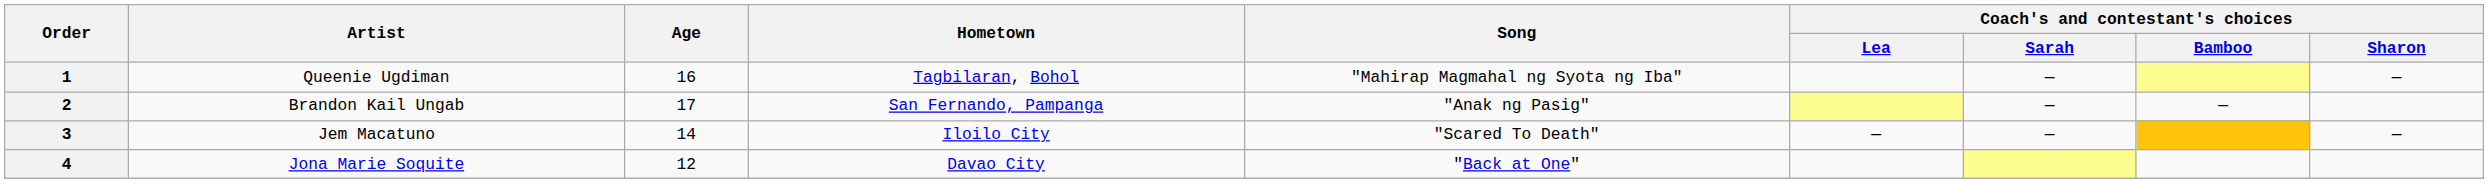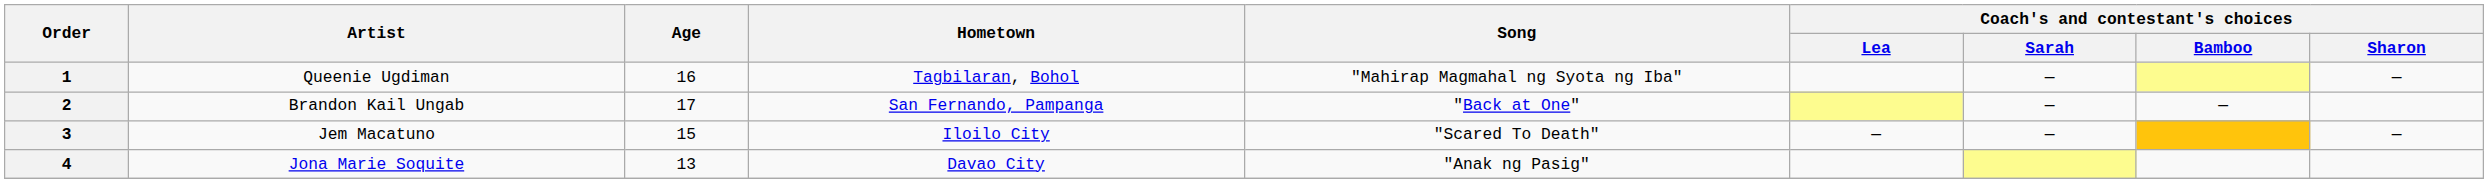 <table class="wikitable" style="text-align:center; line-height:17px;width:100%;">
 <tr>
 <th scope="col" rowspan="2" width="05%">Order</th>
 <th scope="col" rowspan="2" width="20%">Artist</th>
 <th scope="col" rowspan="2" width="05%">Age</th>
 <th scope="col" rowspan="2" width="20%">Hometown</th>
 <th scope="col" rowspan="2" width="22%">Song</th>
 <th scope="col" colspan="4" width="28%">Coach's and contestant's choices</th>
 </tr>
 <tr>
 <th width="07%"><a href='#'>Lea</a></th>
 <th width="07%"><a href='#'>Sarah</a></th>
 <th width="07%"><a href='#'>Bamboo</a></th>
 <th width="07%"><a href='#'>Sharon</a></th>
 </tr>
 <tr>
 <th>1</th>
 <td>Queenie Ugdiman</td>
 <td>16</td>
 <td><a href='#'>Tagbilaran</a>, <a href='#'>Bohol</a></td>
 <td>"Mahirap Magmahal ng Syota ng Iba"</td>
 <td><strong></strong></td>
 <td>—</td>
 <td style="background:#fdfc8f;"><strong></strong></td>
 <td>—</td>
 </tr>
 <tr>
 <th>2</th>
 <td>Brandon Kail Ungab</td>
 <td>17</td>
 <td><a href='#'>San Fernando, Pampanga</a></td>
-<td>"Anak ng Pasig"</td>
+<td>"<a href='#'>Back at One</a>"</td>
 <td style="background:#fdfc8f;"><strong></strong></td>
 <td>—</td>
 <td>—</td>
 <td><strong></strong></td>
 </tr>
 <tr>
 <th>3</th>
 <td>Jem Macatuno</td>
-<td>14</td>
+<td>15</td>
 <td><a href='#'>Iloilo City</a></td>
 <td>"Scared To Death"</td>
 <td>—</td>
 <td>—</td>
 <td style="background:#FFC40C;"><strong></strong></td>
 <td>—</td>
 </tr>
 <tr>
 <th>4</th>
 <td><a href='#'>Jona Marie Soquite</a></td>
-<td>12</td>
+<td>13</td>
 <td><a href='#'>Davao City</a></td>
-<td>"<a href='#'>Back at One</a>"</td>
+<td>"Anak ng Pasig"</td>
 <td><strong></strong></td>
 <td style="background:#fdfc8f;"><strong></strong></td>
 <td><strong></strong></td>
 <td><strong></strong></td>
 </tr>
 <tr>
 </tr>
 </table>
